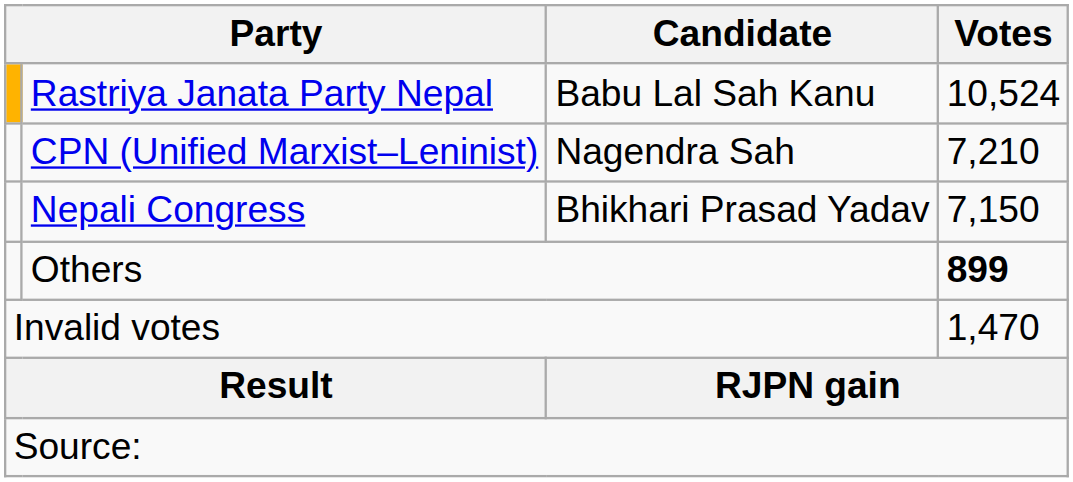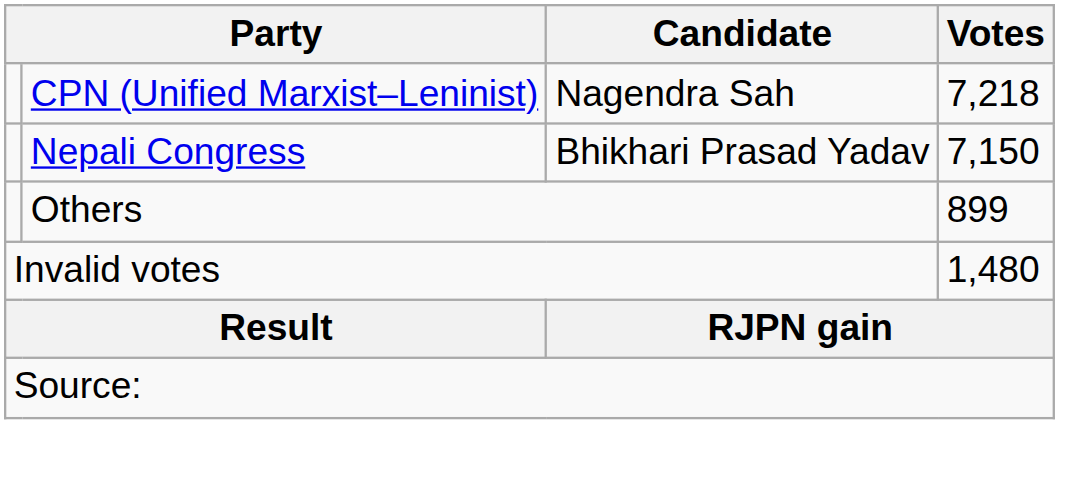 <table class="wikitable">
 <tr>
 <th colspan="2">Party</th>
 <th>Candidate</th>
 <th>Votes</th>
 </tr>
 <tr>
-<td style="background-color:#ffb300"></td>
-<td><a href='#'>Rastriya Janata Party Nepal</a></td>
-<td>Babu Lal Sah Kanu</td>
-<td>10,524</td>
-</tr>
-<tr>
 <td style="background-color:"></td>
 <td><a href='#'>CPN (Unified Marxist–Leninist)</a></td>
 <td>Nagendra Sah</td>
-<td>7,210</td>
+<td>7,218</td>
 </tr>
 <tr>
 <td style="background-color:"></td>
 <td><a href='#'>Nepali Congress</a></td>
 <td>Bhikhari Prasad Yadav</td>
 <td>7,150</td>
 </tr>
 <tr>
 <td></td>
 <td colspan="2">Others</td>
-<td><strong>899</strong></td>
+<td>899</td>
 </tr>
 <tr>
 <td colspan="3">Invalid votes</td>
-<td>1,470</td>
+<td>1,480</td>
 </tr>
 <tr>
 <th colspan="2">Result</th>
 <th colspan="2">RJPN gain</th>
 </tr>
 <tr>
 <td colspan="4">Source: </td>
 </tr>
 </table>
